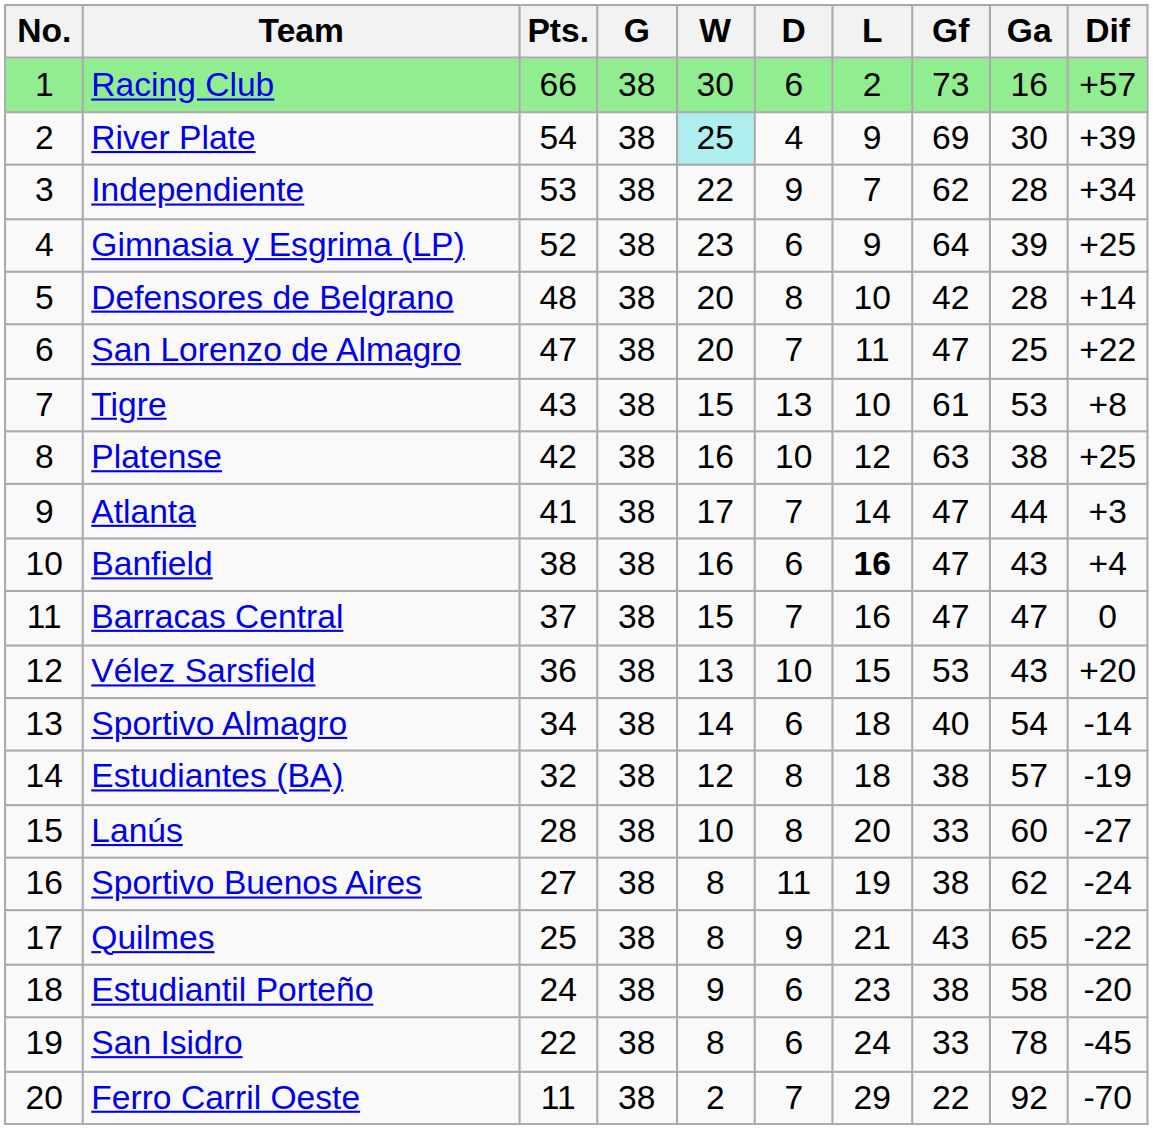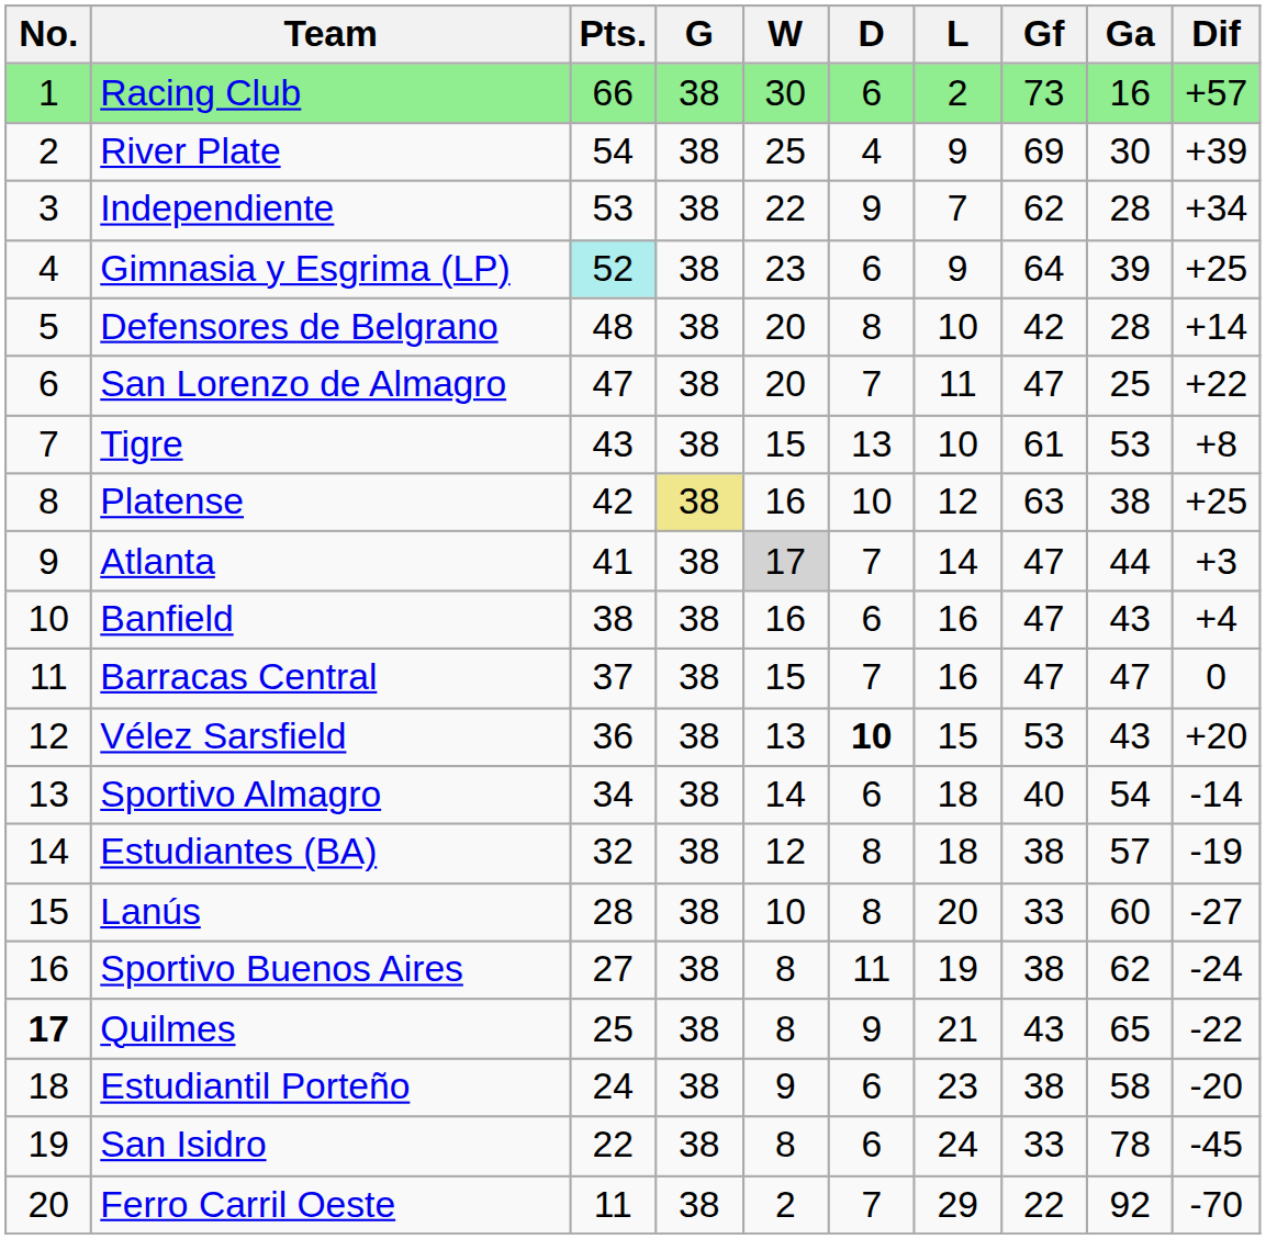 <table class="wikitable" style="text-align:center">
 <tr>
 <th width=30px>No.</th>
 <th width=200px>Team</th>
 <th width=30px>Pts.</th>
 <th width=30px>G</th>
 <th width=30px>W</th>
 <th width=30px>D</th>
 <th width=30px>L</th>
 <th width=30px>Gf</th>
 <th width=30px>Ga</th>
 <th width=30px>Dif</th>
 </tr>
 <tr bgcolor="lightgreen">
 <td>1</td>
 <td align="left"><a href='#'>Racing Club</a></td>
 <td>66</td>
 <td>38</td>
 <td>30</td>
 <td>6</td>
 <td>2</td>
 <td>73</td>
 <td>16</td>
 <td>+57</td>
 </tr>
 <tr>
 <td>2</td>
 <td align="left"><a href='#'>River Plate</a></td>
 <td>54</td>
 <td>38</td>
-<td style="background: paleturquoise;">25</td>
+<td>25</td>
 <td>4</td>
 <td>9</td>
 <td>69</td>
 <td>30</td>
 <td>+39</td>
 </tr>
 <tr>
 <td>3</td>
 <td align="left"><a href='#'>Independiente</a></td>
 <td>53</td>
 <td>38</td>
 <td>22</td>
 <td>9</td>
 <td>7</td>
 <td>62</td>
 <td>28</td>
 <td>+34</td>
 </tr>
 <tr>
 <td>4</td>
 <td align="left"><a href='#'>Gimnasia y Esgrima (LP)</a></td>
-<td>52</td>
+<td style="background: paleturquoise;">52</td>
 <td>38</td>
 <td>23</td>
 <td>6</td>
 <td>9</td>
 <td>64</td>
 <td>39</td>
 <td>+25</td>
 </tr>
 <tr>
 <td>5</td>
 <td align="left"><a href='#'>Defensores de Belgrano</a></td>
 <td>48</td>
 <td>38</td>
 <td>20</td>
 <td>8</td>
 <td>10</td>
 <td>42</td>
 <td>28</td>
 <td>+14</td>
 </tr>
 <tr>
 <td>6</td>
 <td align="left"><a href='#'>San Lorenzo de Almagro</a></td>
 <td>47</td>
 <td>38</td>
 <td>20</td>
 <td>7</td>
 <td>11</td>
 <td>47</td>
 <td>25</td>
 <td>+22</td>
 </tr>
 <tr>
 <td>7</td>
 <td align="left"><a href='#'>Tigre</a></td>
 <td>43</td>
 <td>38</td>
 <td>15</td>
 <td>13</td>
 <td>10</td>
 <td>61</td>
 <td>53</td>
 <td>+8</td>
 </tr>
 <tr>
 <td>8</td>
 <td align="left"><a href='#'>Platense</a></td>
 <td>42</td>
-<td>38</td>
+<td style="background: khaki;">38</td>
 <td>16</td>
 <td>10</td>
 <td>12</td>
 <td>63</td>
 <td>38</td>
 <td>+25</td>
 </tr>
 <tr>
 <td>9</td>
 <td align="left"><a href='#'>Atlanta</a></td>
 <td>41</td>
 <td>38</td>
-<td>17</td>
+<td style="background: lightgrey;">17</td>
 <td>7</td>
 <td>14</td>
 <td>47</td>
 <td>44</td>
 <td>+3</td>
 </tr>
 <tr>
 <td>10</td>
 <td align="left"><a href='#'>Banfield</a></td>
 <td>38</td>
 <td>38</td>
 <td>16</td>
 <td>6</td>
-<td><strong>16</strong></td>
+<td>16</td>
 <td>47</td>
 <td>43</td>
 <td>+4</td>
 </tr>
 <tr>
 <td>11</td>
 <td align="left"><a href='#'>Barracas Central</a></td>
 <td>37</td>
 <td>38</td>
 <td>15</td>
 <td>7</td>
 <td>16</td>
 <td>47</td>
 <td>47</td>
 <td>0</td>
 </tr>
 <tr>
 <td>12</td>
 <td align="left"><a href='#'>Vélez Sarsfield</a></td>
 <td>36</td>
 <td>38</td>
 <td>13</td>
-<td>10</td>
+<td><strong>10</strong></td>
 <td>15</td>
 <td>53</td>
 <td>43</td>
 <td>+20</td>
 </tr>
 <tr>
 <td>13</td>
 <td align="left"><a href='#'>Sportivo Almagro</a></td>
 <td>34</td>
 <td>38</td>
 <td>14</td>
 <td>6</td>
 <td>18</td>
 <td>40</td>
 <td>54</td>
 <td>-14</td>
 </tr>
 <tr>
 <td>14</td>
 <td align="left"><a href='#'>Estudiantes (BA)</a></td>
 <td>32</td>
 <td>38</td>
 <td>12</td>
 <td>8</td>
 <td>18</td>
 <td>38</td>
 <td>57</td>
 <td>-19</td>
 </tr>
 <tr>
 <td>15</td>
 <td align="left"><a href='#'>Lanús</a></td>
 <td>28</td>
 <td>38</td>
 <td>10</td>
 <td>8</td>
 <td>20</td>
 <td>33</td>
 <td>60</td>
 <td>-27</td>
 </tr>
 <tr>
 <td>16</td>
 <td align="left"><a href='#'>Sportivo Buenos Aires</a></td>
 <td>27</td>
 <td>38</td>
 <td>8</td>
 <td>11</td>
 <td>19</td>
 <td>38</td>
 <td>62</td>
 <td>-24</td>
 </tr>
 <tr>
-<td>17</td>
+<td><strong>17</strong></td>
 <td align="left"><a href='#'>Quilmes</a></td>
 <td>25</td>
 <td>38</td>
 <td>8</td>
 <td>9</td>
 <td>21</td>
 <td>43</td>
 <td>65</td>
 <td>-22</td>
 </tr>
 <tr>
 <td>18</td>
 <td align="left"><a href='#'>Estudiantil Porteño</a></td>
 <td>24</td>
 <td>38</td>
 <td>9</td>
 <td>6</td>
 <td>23</td>
 <td>38</td>
 <td>58</td>
 <td>-20</td>
 </tr>
 <tr>
 <td>19</td>
 <td align="left"><a href='#'>San Isidro</a></td>
 <td>22</td>
 <td>38</td>
 <td>8</td>
 <td>6</td>
 <td>24</td>
 <td>33</td>
 <td>78</td>
 <td>-45</td>
 </tr>
 <tr>
 <td>20</td>
 <td align="left"><a href='#'>Ferro Carril Oeste</a></td>
 <td>11</td>
 <td>38</td>
 <td>2</td>
 <td>7</td>
 <td>29</td>
 <td>22</td>
 <td>92</td>
 <td>-70</td>
 </tr>
 <tr>
 </tr>
 </table>
